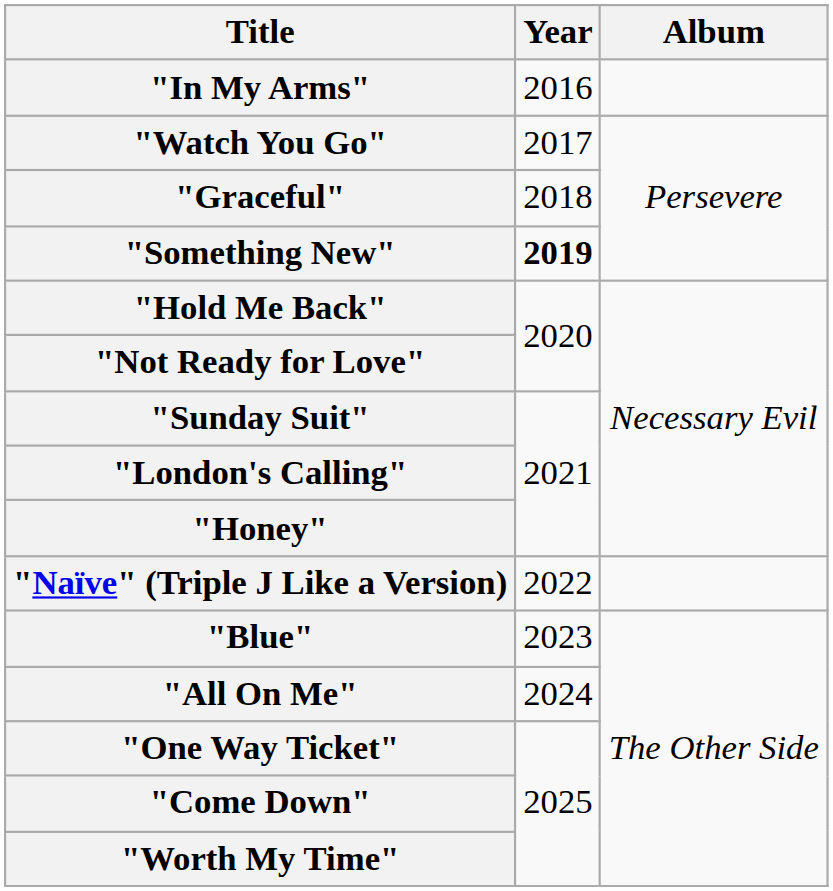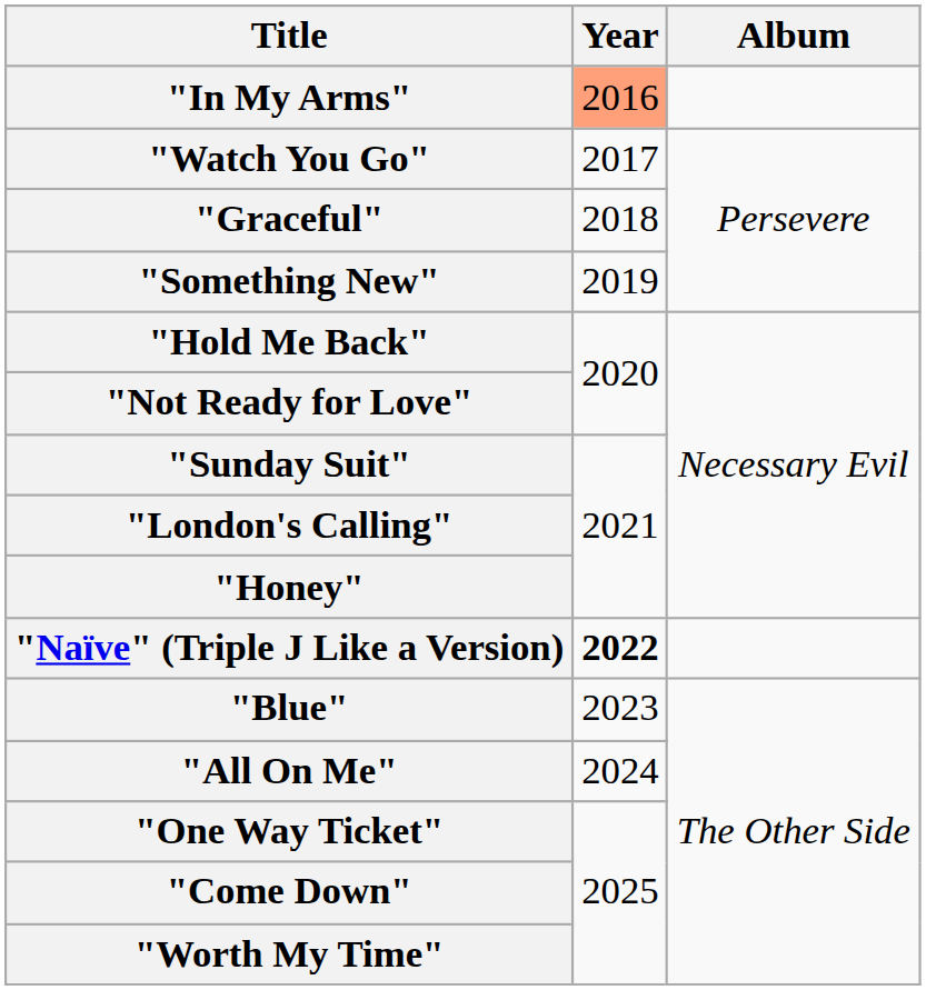 <table class="wikitable plainrowheaders" style="text-align:center;">
 <tr>
 <th>Title</th>
 <th>Year</th>
 <th>Album</th>
 </tr>
 <tr>
 <th scope="row">"In My Arms"</th>
-<td>2016</td>
+<td style="background: lightsalmon;">2016</td>
 <td></td>
 </tr>
 <tr>
 <th scope="row">"Watch You Go"</th>
 <td>2017</td>
 <td rowspan="3"><em>Persevere</em></td>
 </tr>
 <tr>
 <th scope="row">"Graceful"</th>
 <td>2018</td>
 </tr>
 <tr>
 <th scope="row">"Something New"</th>
-<td><strong>2019</strong></td>
+<td>2019</td>
 </tr>
 <tr>
 <th scope="row">"Hold Me Back"</th>
 <td rowspan="2">2020</td>
 <td rowspan="5"><em>Necessary Evil</em></td>
 </tr>
 <tr>
 <th scope="row">"Not Ready for Love"</th>
 </tr>
 <tr>
 <th scope="row">"Sunday Suit"</th>
 <td rowspan="3">2021</td>
 </tr>
 <tr>
 <th scope="row">"London's Calling"</th>
 </tr>
 <tr>
 <th scope="row">"Honey"</th>
 </tr>
 <tr>
 <th scope="row">"<a href='#'>Naïve</a>" (Triple J Like a Version)</th>
-<td>2022</td>
+<td><strong>2022</strong></td>
 <td></td>
 </tr>
 <tr>
 <th scope="row">"Blue"</th>
 <td>2023</td>
 <td rowspan="5"><em>The Other Side</em></td>
 </tr>
 <tr>
 <th scope="row">"All On Me"</th>
 <td>2024</td>
 </tr>
 <tr>
 <th scope="row">"One Way Ticket"</th>
 <td rowspan="3">2025</td>
 </tr>
 <tr>
 <th scope="row">"Come Down"</th>
 </tr>
 <tr>
 <th scope="row">"Worth My Time"</th>
 </tr>
 </table>
